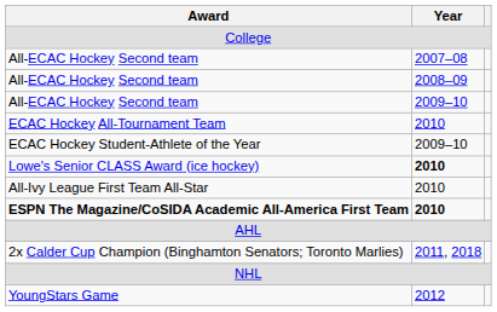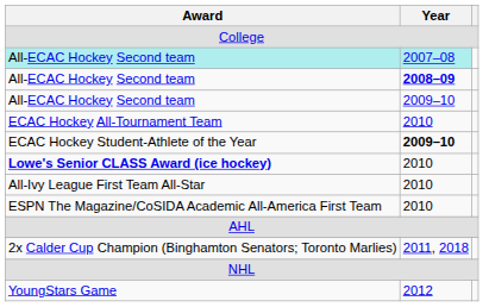 <table class="wikitable">
 <tr>
 <th>Award</th>
 <th>Year</th>
 <th></th>
 </tr>
 <tr ALIGN="center" bgcolor="#e0e0e0">
 <td colspan="3"><a href='#'>College</a></td>
 </tr>
 <tr>
-<td>All-<a href='#'>ECAC Hockey</a> <a href='#'>Second team</a></td>
-<td><a href='#'>2007–08</a></td>
+<td style="background: paleturquoise;">All-<a href='#'>ECAC Hockey</a> <a href='#'>Second team</a></td>
+<td style="background: paleturquoise;"><a href='#'>2007–08</a></td>
 <td></td>
 </tr>
 <tr>
 <td>All-<a href='#'>ECAC Hockey</a> <a href='#'>Second team</a></td>
-<td><a href='#'>2008–09</a></td>
+<td><strong><a href='#'>2008–09</a></strong></td>
 <td></td>
 </tr>
 <tr>
 <td>All-<a href='#'>ECAC Hockey</a> <a href='#'>Second team</a></td>
 <td><a href='#'>2009–10</a></td>
 <td></td>
 </tr>
 <tr>
 <td><a href='#'>ECAC Hockey</a> <a href='#'>All-Tournament Team</a></td>
 <td><a href='#'>2010</a></td>
 <td></td>
 </tr>
 <tr>
 <td>ECAC Hockey Student-Athlete of the Year</td>
-<td>2009–10</td>
+<td><strong>2009–10</strong></td>
 <td></td>
 </tr>
 <tr>
-<td><a href='#'>Lowe's Senior CLASS Award (ice hockey)</a></td>
-<td><strong>2010</strong></td>
+<td><strong><a href='#'>Lowe's Senior CLASS Award (ice hockey)</a></strong></td>
+<td>2010</td>
 <td></td>
 </tr>
 <tr>
 <td>All-Ivy League First Team All-Star</td>
 <td>2010</td>
 <td></td>
 </tr>
 <tr>
-<td><strong>ESPN The Magazine/CoSIDA Academic All-America First Team</strong></td>
-<td><strong>2010</strong></td>
+<td>ESPN The Magazine/CoSIDA Academic All-America First Team</td>
+<td>2010</td>
 <td></td>
 </tr>
 <tr ALIGN="center" bgcolor="#e0e0e0">
 <td colspan="3"><a href='#'>AHL</a></td>
 </tr>
 <tr>
 <td>2x <a href='#'>Calder Cup</a> Champion (Binghamton Senators; Toronto Marlies)</td>
 <td><a href='#'>2011</a>, <a href='#'>2018</a></td>
 <td></td>
 </tr>
 <tr ALIGN="center" bgcolor="#e0e0e0">
 <td colspan="3"><a href='#'>NHL</a></td>
 </tr>
 <tr>
 <td><a href='#'>YoungStars Game</a></td>
 <td><a href='#'>2012</a></td>
 <td></td>
 </tr>
 </table>
